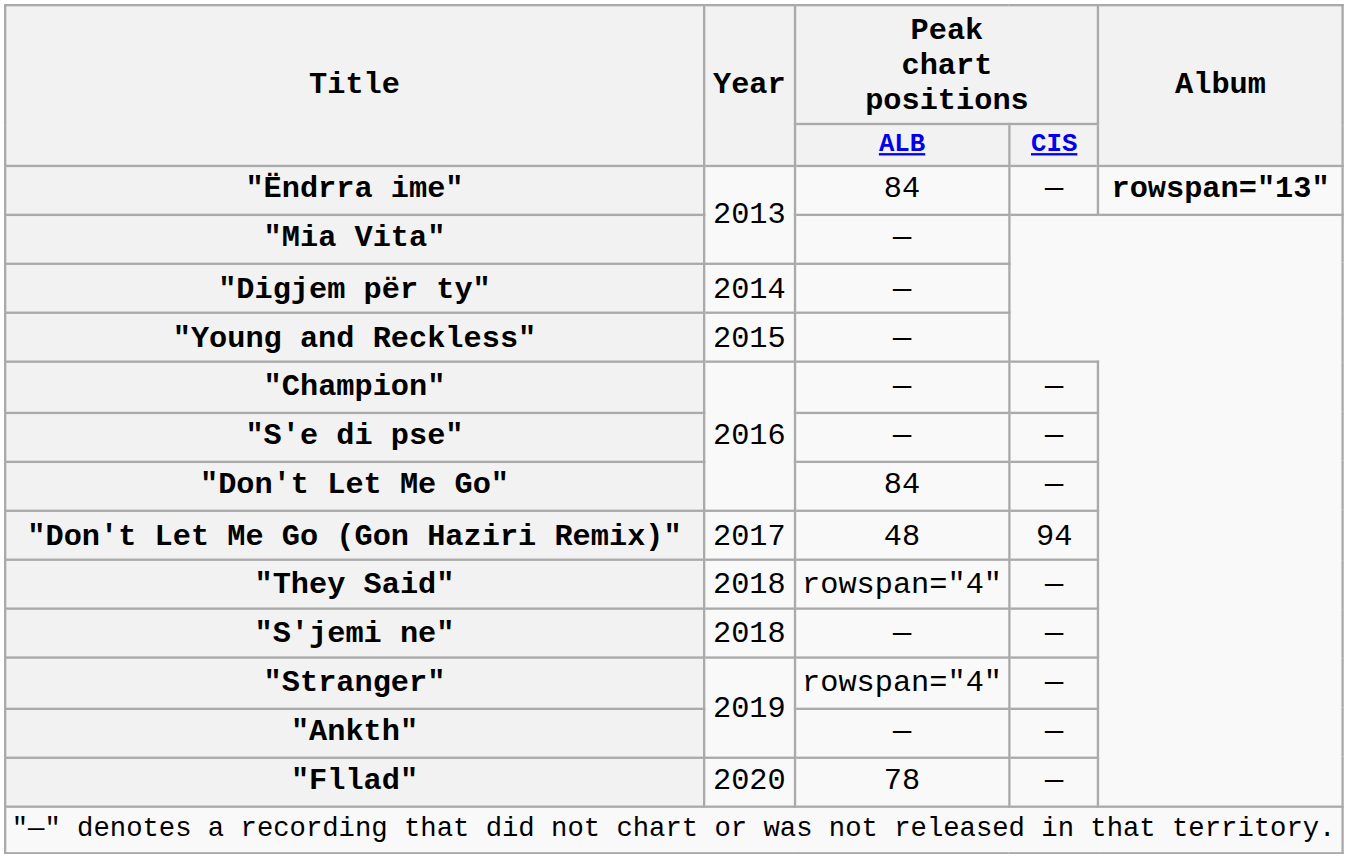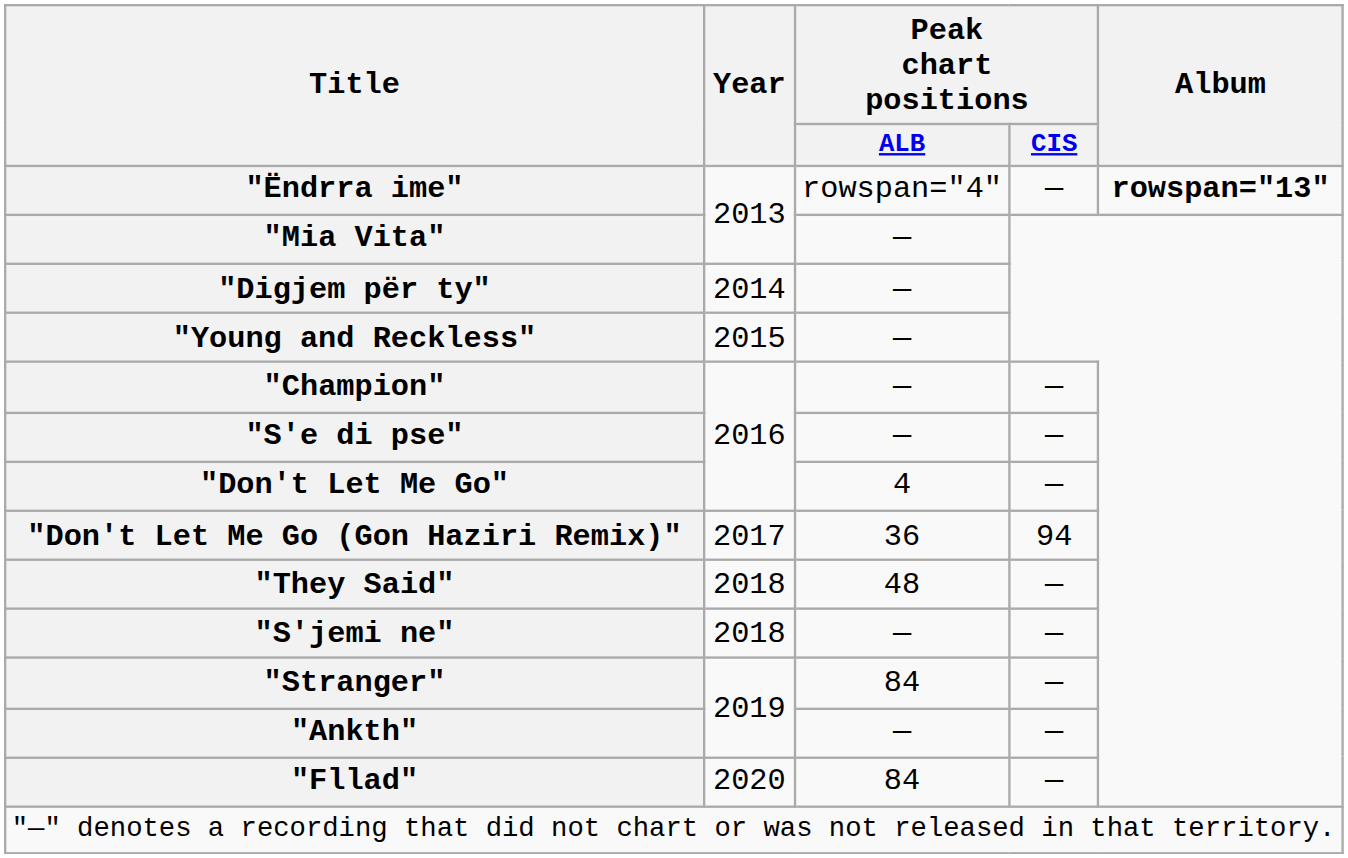 <table class="wikitable plainrowheaders" style="text-align:center;">
 <tr>
 <th scope="col" rowspan="2">Title</th>
 <th scope="col" rowspan="2">Year</th>
 <th scope="col" colspan="2">Peak<br>chart<br>positions</th>
 <th scope="col" rowspan="2">Album</th>
 </tr>
 <tr>
 <th scope="col" style="width:3em;font-size:85%;"><a href='#'>ALB</a><br></th>
 <th scope="col" style="width:3em;font-size:85%;"><a href='#'>CIS</a><br></th>
 </tr>
 <tr>
 <th scope="row">"Ëndrra ime"</th>
 <td rowspan="2">2013</td>
-<td>84</td>
+<td>rowspan="4" </td>
 <td>—</td>
 <td><strong>rowspan="13" </strong></td>
 </tr>
 <tr>
 <th scope="row">"Mia Vita"</th>
 <td>—</td>
 </tr>
 <tr>
 <th scope="row">"Digjem për ty"<br></th>
 <td>2014</td>
 <td>—</td>
 </tr>
 <tr>
 <th scope="row">"Young and Reckless"</th>
 <td>2015</td>
 <td>—</td>
 </tr>
 <tr>
 <th scope="row">"Champion"<br></th>
 <td rowspan="3">2016</td>
 <td>—</td>
 <td>—</td>
 </tr>
 <tr>
 <th scope="row">"S'e di pse"</th>
 <td>—</td>
 <td>—</td>
 </tr>
 <tr>
 <th scope="row">"Don't Let Me Go"</th>
-<td>84</td>
+<td>4</td>
 <td>—</td>
 </tr>
 <tr>
 <th scope="row">"Don't Let Me Go (Gon Haziri Remix)"</th>
 <td>2017</td>
-<td>48</td>
+<td>36</td>
 <td>94</td>
 </tr>
 <tr>
 <th scope="row">"They Said"</th>
 <td>2018</td>
-<td>rowspan="4" </td>
+<td>48</td>
 <td>—</td>
 </tr>
 <tr>
 <th scope="row">"S'jemi ne"</th>
 <td>2018</td>
 <td>—</td>
 <td>—</td>
 </tr>
 <tr>
 <th scope="row">"Stranger"</th>
 <td rowspan="2">2019</td>
-<td>rowspan="4" </td>
+<td>84</td>
 <td>—</td>
 </tr>
 <tr>
 <th scope="row">"Ankth"</th>
 <td>—</td>
 <td>—</td>
 </tr>
 <tr>
 <th scope="row">"Fllad"</th>
 <td>2020</td>
-<td>78</td>
+<td>84</td>
 <td>—</td>
 </tr>
 <tr>
 <td colspan="11" style="font-size:90%">"—" denotes a recording that did not chart or was not released in that territory.</td>
 </tr>
 </table>
